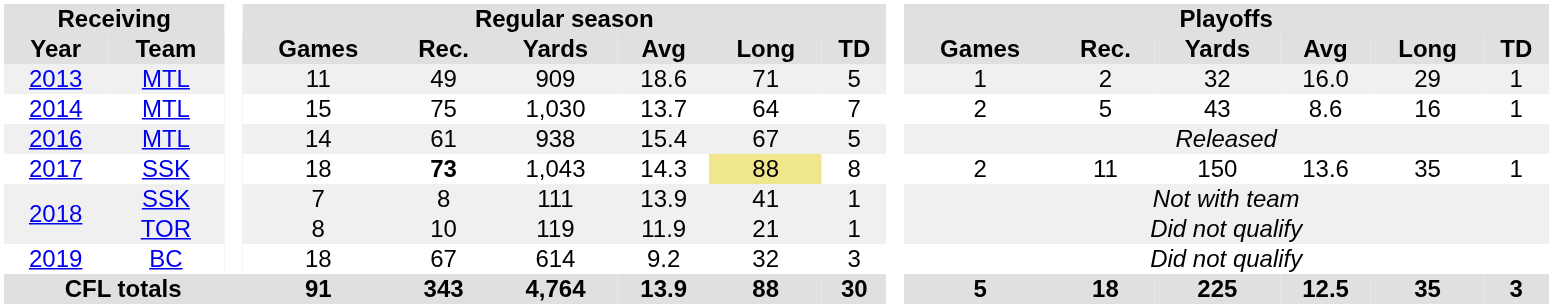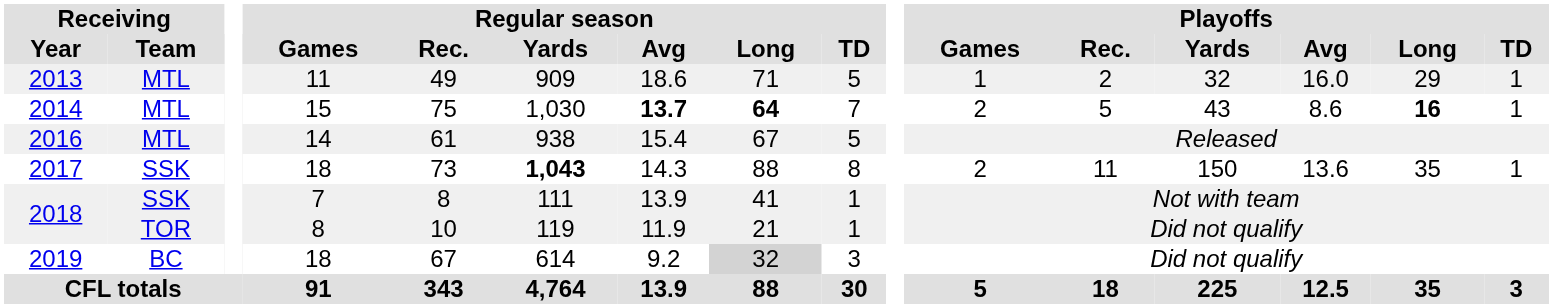 <table border="0" cellpadding="1" cellspacing="0"  style="width:65%; text-align:center;">
 <tr style="background:#e0e0e0;">
 <th colspan="2">Receiving</th>
 <th rowspan="99" style="background:#fff;"> </th>
 <th colspan="6">Regular season</th>
 <th rowspan="99" style="background:#fff;"> </th>
 <th colspan="6">Playoffs</th>
 </tr>
 <tr style="background:#e0e0e0;">
 <th>Year</th>
 <th>Team</th>
 <th>Games</th>
 <th>Rec.</th>
 <th>Yards</th>
 <th>Avg</th>
 <th>Long</th>
 <th>TD</th>
 <th>Games</th>
 <th>Rec.</th>
 <th>Yards</th>
 <th>Avg</th>
 <th>Long</th>
 <th>TD</th>
 </tr>
 <tr style="text-align:center;">
 </tr>
 <tr style="text-align:center; background:#f0f0f0;">
 <td><a href='#'>2013</a></td>
 <td><a href='#'>MTL</a></td>
 <td>11</td>
 <td>49</td>
 <td>909</td>
 <td>18.6</td>
 <td>71</td>
 <td>5</td>
 <td>1</td>
 <td>2</td>
 <td>32</td>
 <td>16.0</td>
 <td>29</td>
 <td>1</td>
 </tr>
 <tr style="text-align:center;">
 <td><a href='#'>2014</a></td>
 <td><a href='#'>MTL</a></td>
 <td>15</td>
 <td>75</td>
 <td>1,030</td>
-<td>13.7</td>
-<td>64</td>
+<td><strong>13.7</strong></td>
+<td><strong>64</strong></td>
 <td>7</td>
 <td>2</td>
 <td>5</td>
 <td>43</td>
 <td>8.6</td>
-<td>16</td>
+<td><strong>16</strong></td>
 <td>1</td>
 </tr>
 <tr style="text-align:center; background:#f0f0f0;">
 <td><a href='#'>2016</a></td>
 <td><a href='#'>MTL</a></td>
 <td>14</td>
 <td>61</td>
 <td>938</td>
 <td>15.4</td>
 <td>67</td>
 <td>5</td>
 <td colspan="6"><em>Released</em></td>
 </tr>
 <tr style="text-align:center;">
 <td><a href='#'>2017</a></td>
 <td><a href='#'>SSK</a></td>
 <td>18</td>
-<td><strong>73</strong></td>
-<td>1,043</td>
+<td>73</td>
+<td><strong>1,043</strong></td>
 <td>14.3</td>
-<td style="background: khaki;">88</td>
+<td>88</td>
 <td>8</td>
 <td>2</td>
 <td>11</td>
 <td>150</td>
 <td>13.6</td>
 <td>35</td>
 <td>1</td>
 </tr>
 <tr style="text-align:center; background:#f0f0f0;">
 <td rowspan="2" style="text-align: center;" valign="middle"><a href='#'>2018</a></td>
 <td><a href='#'>SSK</a></td>
 <td>7</td>
 <td>8</td>
 <td>111</td>
 <td>13.9</td>
 <td>41</td>
 <td>1</td>
 <td colspan="6"><em>Not with team</em></td>
 </tr>
 <tr style="text-align:center; background:#f0f0f0;">
 <td><a href='#'>TOR</a></td>
 <td>8</td>
 <td>10</td>
 <td>119</td>
 <td>11.9</td>
 <td>21</td>
 <td>1</td>
 <td colspan="6"><em>Did not qualify</em></td>
 </tr>
 <tr style="text-align:center;">
 <td><a href='#'>2019</a></td>
 <td><a href='#'>BC</a></td>
 <td>18</td>
 <td>67</td>
 <td>614</td>
 <td>9.2</td>
-<td>32</td>
+<td style="background: lightgrey;">32</td>
 <td>3</td>
 <td colspan="6"><em>Did not qualify</em></td>
 </tr>
 <tr style="background:#e0e0e0;">
 <th colspan="3">CFL totals</th>
 <th>91</th>
 <th>343</th>
 <th>4,764</th>
 <th>13.9</th>
 <th>88</th>
 <th>30</th>
 <th>5</th>
 <th>18</th>
 <th>225</th>
 <th>12.5</th>
 <th>35</th>
 <th>3</th>
 </tr>
 </table>
